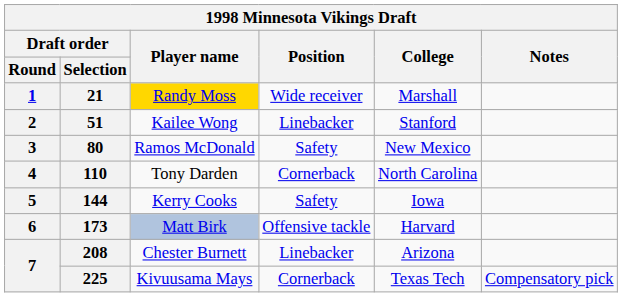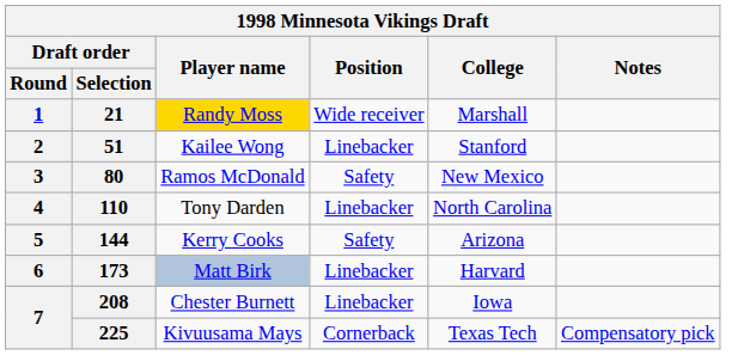 <table class="wikitable" style="text-align:center">
 <tr>
 <th colspan="6">1998 Minnesota Vikings Draft</th>
 </tr>
 <tr>
 <th colspan="2">Draft order</th>
 <th rowspan="2">Player name</th>
 <th rowspan="2">Position</th>
 <th rowspan="2">College</th>
 <th rowspan="2">Notes</th>
 </tr>
 <tr>
 <th>Round</th>
 <th>Selection</th>
 </tr>
 <tr>
 <th><a href='#'>1</a></th>
 <th>21</th>
 <td bgcolor=gold><a href='#'>Randy Moss</a></td>
 <td><a href='#'>Wide receiver</a></td>
 <td><a href='#'>Marshall</a></td>
 <td></td>
 </tr>
 <tr>
 <th>2</th>
 <th>51</th>
 <td><a href='#'>Kailee Wong</a></td>
 <td><a href='#'>Linebacker</a></td>
 <td><a href='#'>Stanford</a></td>
 <td></td>
 </tr>
 <tr>
 <th>3</th>
 <th>80</th>
 <td><a href='#'>Ramos McDonald</a></td>
 <td><a href='#'>Safety</a></td>
 <td><a href='#'>New Mexico</a></td>
 <td></td>
 </tr>
 <tr>
 <th>4</th>
 <th>110</th>
 <td>Tony Darden</td>
-<td><a href='#'>Cornerback</a></td>
+<td><a href='#'>Linebacker</a></td>
 <td><a href='#'>North Carolina</a></td>
 <td></td>
 </tr>
 <tr>
 <th>5</th>
 <th>144</th>
 <td><a href='#'>Kerry Cooks</a></td>
 <td><a href='#'>Safety</a></td>
-<td><a href='#'>Iowa</a></td>
+<td><a href='#'>Arizona</a></td>
 <td></td>
 </tr>
 <tr>
 <th>6</th>
 <th>173</th>
 <td bgcolor=lightsteelblue><a href='#'>Matt Birk</a></td>
-<td><a href='#'>Offensive tackle</a></td>
+<td><a href='#'>Linebacker</a></td>
 <td><a href='#'>Harvard</a></td>
 <td></td>
 </tr>
 <tr>
 <th rowspan="2">7</th>
 <th>208</th>
 <td><a href='#'>Chester Burnett</a></td>
 <td><a href='#'>Linebacker</a></td>
-<td><a href='#'>Arizona</a></td>
+<td><a href='#'>Iowa</a></td>
 <td></td>
 </tr>
 <tr>
 <th>225</th>
 <td><a href='#'>Kivuusama Mays</a></td>
 <td><a href='#'>Cornerback</a></td>
 <td><a href='#'>Texas Tech</a></td>
 <td><a href='#'>Compensatory pick</a></td>
 </tr>
 </table>
